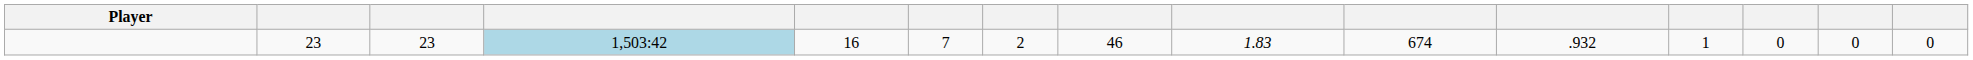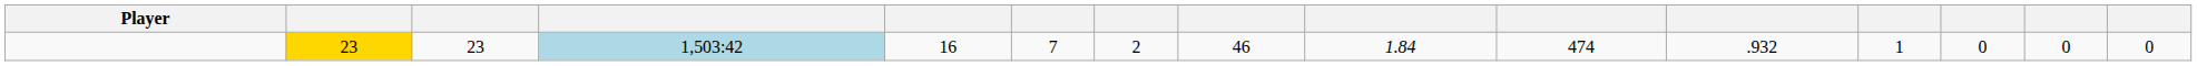 <table class="wikitable sortable" style="width:100%;">
 <tr style="text-align:center; background:#ddd;">
 <th>Player</th>
 <th></th>
 <th></th>
 <th></th>
 <th></th>
 <th></th>
 <th></th>
 <th></th>
 <th></th>
 <th></th>
 <th></th>
 <th></th>
 <th></th>
 <th></th>
 <th></th>
 </tr>
 <tr align=center>
 <td></td>
-<td>23</td>
+<td style="background: gold;">23</td>
 <td>23</td>
 <td style="background: lightblue;">1,503:42</td>
 <td>16</td>
 <td>7</td>
 <td>2</td>
 <td>46</td>
-<td><em>1.83</em></td>
-<td>674</td>
+<td><em>1.84</em></td>
+<td>474</td>
 <td>.932</td>
 <td>1</td>
 <td>0</td>
 <td>0</td>
 <td>0</td>
 </tr>
 </table>
